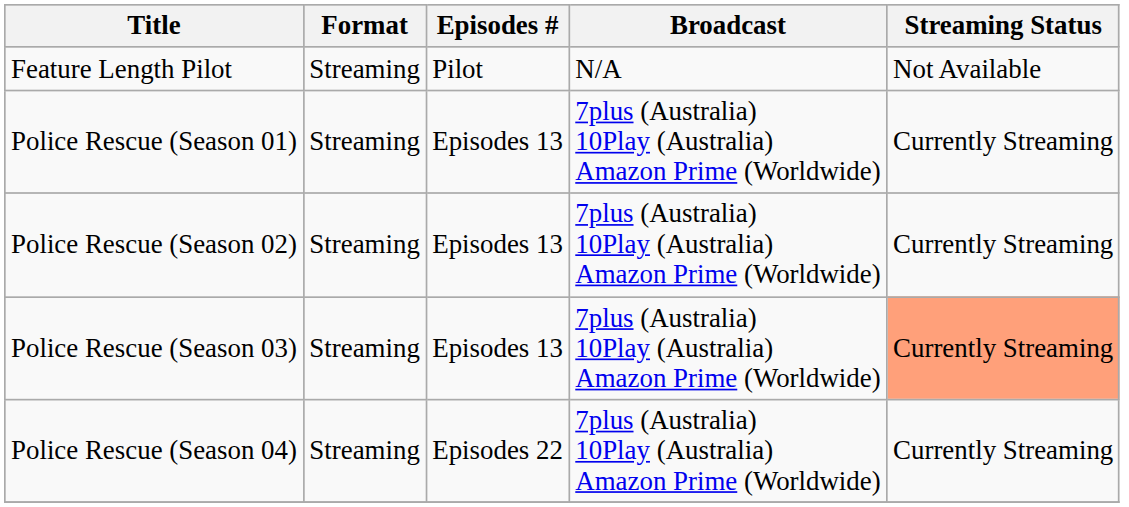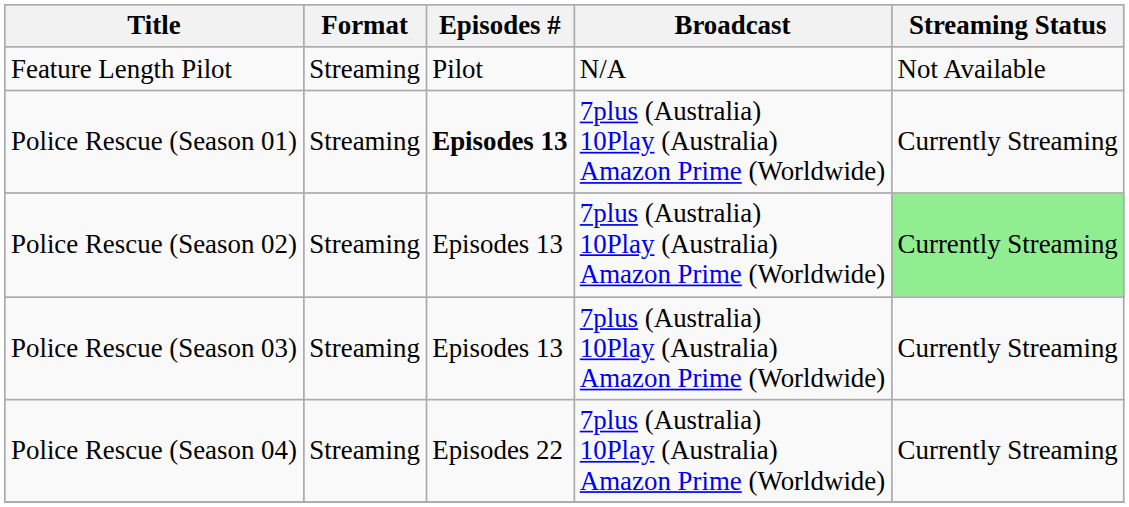 <table class="wikitable">
 <tr>
 <th>Title</th>
 <th>Format</th>
 <th>Episodes #</th>
 <th>Broadcast</th>
 <th>Streaming Status</th>
 </tr>
 <tr>
 <td>Feature Length Pilot</td>
 <td>Streaming</td>
 <td style="text-align:left;">Pilot</td>
 <td>N/A</td>
 <td>Not Available</td>
 </tr>
 <tr>
 <td>Police Rescue (Season 01)</td>
 <td>Streaming</td>
-<td style="text-align:left;">Episodes 13</td>
+<td style="text-align:left;"><strong>Episodes 13</strong></td>
 <td><a href='#'>7plus</a> (Australia)<br><a href='#'>10Play</a> (Australia)<br><a href='#'>Amazon Prime</a> (Worldwide)</td>
 <td>Currently Streaming</td>
 </tr>
 <tr>
 <td>Police Rescue (Season 02)</td>
 <td>Streaming</td>
 <td style="text-align:left;">Episodes 13</td>
 <td><a href='#'>7plus</a> (Australia)<br><a href='#'>10Play</a> (Australia)<br><a href='#'>Amazon Prime</a> (Worldwide)</td>
-<td>Currently Streaming</td>
+<td style="background: lightgreen;">Currently Streaming</td>
 </tr>
 <tr>
 <td>Police Rescue (Season 03)</td>
 <td>Streaming</td>
 <td style="text-align:left;">Episodes 13</td>
 <td><a href='#'>7plus</a> (Australia)<br><a href='#'>10Play</a> (Australia)<br><a href='#'>Amazon Prime</a> (Worldwide)</td>
-<td style="background: lightsalmon;">Currently Streaming</td>
+<td>Currently Streaming</td>
 </tr>
 <tr>
 <td>Police Rescue (Season 04)</td>
 <td>Streaming</td>
 <td style="text-align:left;">Episodes 22</td>
 <td><a href='#'>7plus</a> (Australia)<br><a href='#'>10Play</a> (Australia)<br><a href='#'>Amazon Prime</a> (Worldwide)</td>
 <td>Currently Streaming</td>
 </tr>
 <tr>
 </tr>
 </table>
